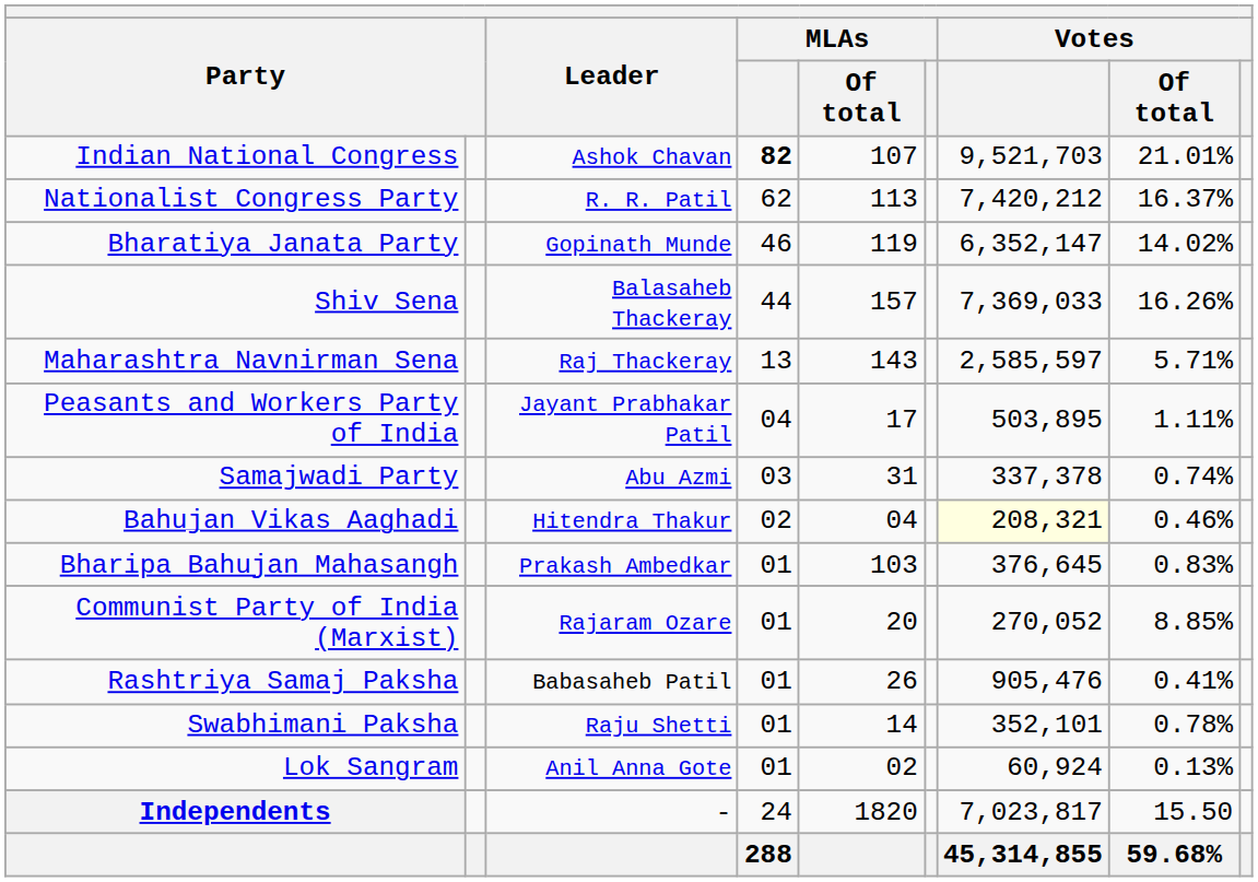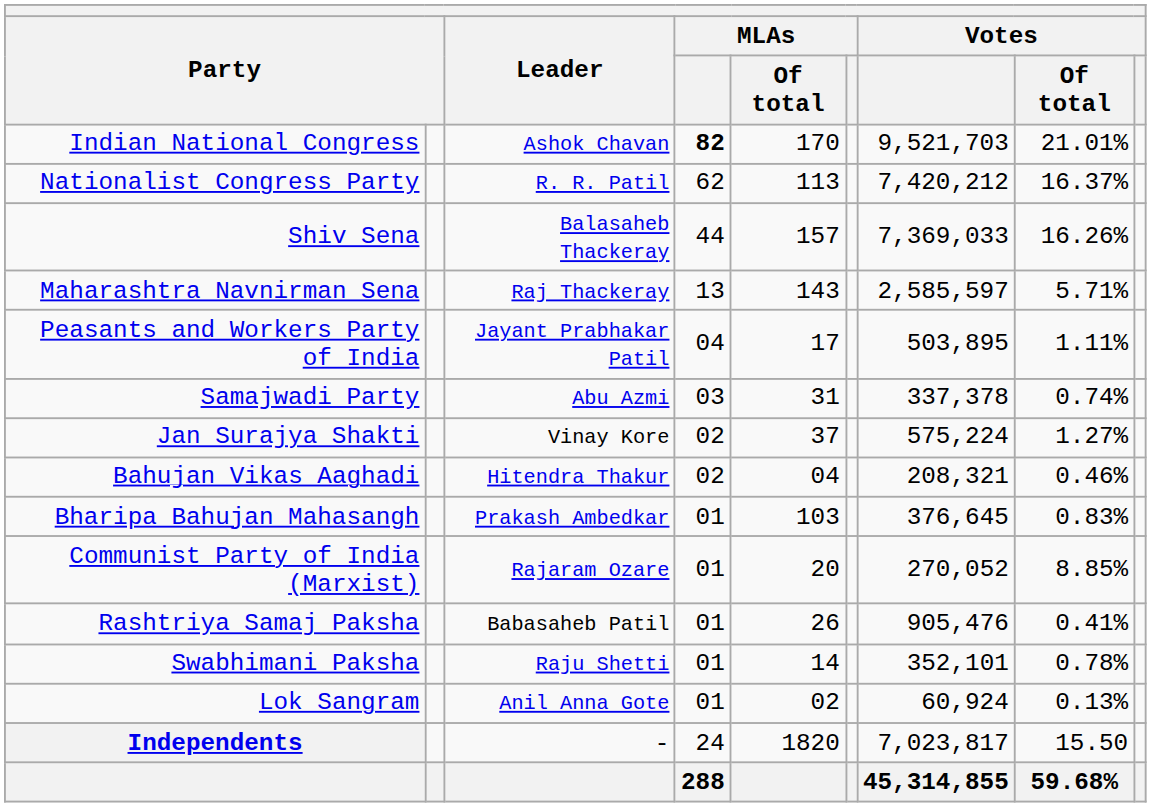 <table class="wikitable sortable" style="text-align:right;">
 <tr>
 <th colspan="9"></th>
 </tr>
 <tr>
 <th colspan="2" rowspan="2">Party</th>
 <th rowspan="2">Leader</th>
 <th colspan="3">MLAs</th>
 <th colspan="3">Votes</th>
 </tr>
 <tr>
 <th></th>
 <th>Of total</th>
 <th class="unsortable"></th>
 <th></th>
 <th>Of total</th>
 <th class="unsortable"></th>
 </tr>
 <tr>
 <td><a href='#'>Indian National Congress</a></td>
 <td width="4px"></td>
 <td><a href='#'><small>Ashok Chavan</small></a></td>
 <td><strong>82</strong></td>
-<td>107</td>
+<td>170</td>
 <td></td>
 <td>9,521,703</td>
 <td>21.01%</td>
 <td></td>
 </tr>
 <tr>
 <td><a href='#'>Nationalist Congress Party</a></td>
 <td width="4px"></td>
 <td><a href='#'><small>R. R. Patil</small></a></td>
 <td>62</td>
 <td>113</td>
 <td></td>
 <td>7,420,212</td>
 <td>16.37%</td>
-<td></td>
-</tr>
-<tr>
-<td><a href='#'>Bharatiya Janata Party</a></td>
-<td style="color:inherit;background-color:"></td>
-<td><a href='#'><small>Gopinath Munde</small></a></td>
-<td>46</td>
-<td>119</td>
-<td></td>
-<td>6,352,147</td>
-<td>14.02%</td>
 <td></td>
 </tr>
 <tr>
 <td><a href='#'>Shiv Sena</a></td>
 <td style="color:inherit;background-color: "></td>
 <td><a href='#'><small>Balasaheb Thackeray</small></a></td>
 <td>44</td>
 <td>157</td>
 <td></td>
 <td>7,369,033</td>
 <td>16.26%</td>
 <td></td>
 </tr>
 <tr>
 <td><a href='#'>Maharashtra Navnirman Sena</a></td>
 <td style="color:inherit;background-color: "></td>
 <td><a href='#'><small>Raj Thackeray</small></a></td>
 <td>13</td>
 <td>143</td>
 <td></td>
 <td>2,585,597</td>
 <td>5.71%</td>
 <td></td>
 </tr>
 <tr>
 <td><a href='#'>Peasants and Workers Party of India</a></td>
 <td style="color:inherit;background-color: "></td>
 <td><a href='#'><small>Jayant Prabhakar Patil</small></a></td>
 <td>04</td>
 <td>17</td>
 <td></td>
 <td>503,895</td>
 <td>1.11%</td>
 <td></td>
 </tr>
 <tr>
 <td><a href='#'>Samajwadi Party</a></td>
 <td style="color:inherit;background-color: "></td>
 <td><a href='#'><small>Abu Azmi</small></a></td>
 <td>03</td>
 <td>31</td>
 <td></td>
 <td>337,378</td>
 <td>0.74%</td>
 <td></td>
 </tr>
 <tr>
+<td><a href='#'>Jan Surajya Shakti</a></td>
+<td style="color:inherit;background-color: "></td>
+<td><small>Vinay Kore</small></td>
+<td>02</td>
+<td>37</td>
+<td></td>
+<td>575,224</td>
+<td>1.27%</td>
+<td></td>
+</tr>
+<tr>
 <td><a href='#'>Bahujan Vikas Aaghadi</a></td>
 <td style="color:inherit;background-color: "></td>
 <td><a href='#'><small>Hitendra Thakur</small></a></td>
 <td>02</td>
 <td>04</td>
 <td></td>
-<td style="background: lightyellow;">208,321</td>
+<td>208,321</td>
 <td>0.46%</td>
 <td></td>
 </tr>
 <tr>
 <td><a href='#'>Bharipa Bahujan Mahasangh</a></td>
 <td style="color:inherit;background-color: "></td>
 <td><a href='#'><small>Prakash Ambedkar</small></a></td>
 <td>01</td>
 <td>103</td>
 <td></td>
 <td>376,645</td>
 <td>0.83%</td>
 <td></td>
 </tr>
 <tr>
 <td><a href='#'>Communist Party of India (Marxist)</a></td>
 <td style="color:inherit;background-color: "></td>
 <td><a href='#'><small>Rajaram Ozare</small></a></td>
 <td>01</td>
 <td>20</td>
 <td></td>
 <td>270,052</td>
 <td>8.85%</td>
 <td></td>
 </tr>
 <tr>
 <td><a href='#'>Rashtriya Samaj Paksha</a></td>
 <td style="color:inherit;background-color: "></td>
 <td><small>Babasaheb Patil</small></td>
 <td>01</td>
 <td>26</td>
 <td></td>
 <td>905,476</td>
 <td>0.41%</td>
 <td></td>
 </tr>
 <tr>
 <td><a href='#'>Swabhimani Paksha</a></td>
 <td style="color:inherit;background-color: "></td>
 <td><a href='#'><small>Raju Shetti</small></a></td>
 <td>01</td>
 <td>14</td>
 <td></td>
 <td>352,101</td>
 <td>0.78%</td>
 <td></td>
 </tr>
 <tr>
 <td><a href='#'>Lok Sangram</a></td>
 <td></td>
 <td><a href='#'><small>Anil Anna Gote</small></a></td>
 <td>01</td>
 <td>02</td>
 <td></td>
 <td>60,924</td>
 <td>0.13%</td>
 <td></td>
 </tr>
 <tr>
 <th><a href='#'>Independents</a></th>
 <td style="color:inherit;background-color:"></td>
 <td>-</td>
 <td>24</td>
 <td>1820</td>
 <td></td>
 <td>7,023,817</td>
 <td>15.50</td>
 <td></td>
 </tr>
 <tr>
 <th></th>
 <th></th>
 <th></th>
 <th>288</th>
 <th></th>
 <th></th>
 <th>45,314,855</th>
 <th>59.68%</th>
 <th></th>
 </tr>
 </table>
